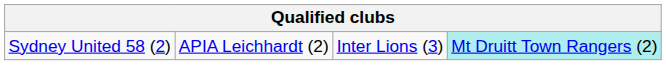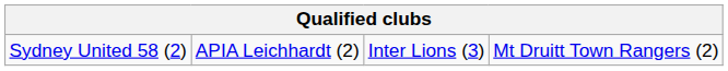 <table class="wikitable" style="text-align:center">
 <tr>
 <th colspan="4">Qualified clubs</th>
 </tr>
 <tr>
 <td><a href='#'>Sydney United 58</a> (<a href='#'>2</a>)</td>
 <td><a href='#'>APIA Leichhardt</a> (2)</td>
 <td><a href='#'>Inter Lions</a> (<a href='#'>3</a>)</td>
-<td style="background: paleturquoise;"><a href='#'>Mt Druitt Town Rangers</a> (2)</td>
+<td><a href='#'>Mt Druitt Town Rangers</a> (2)</td>
 </tr>
 </table>
